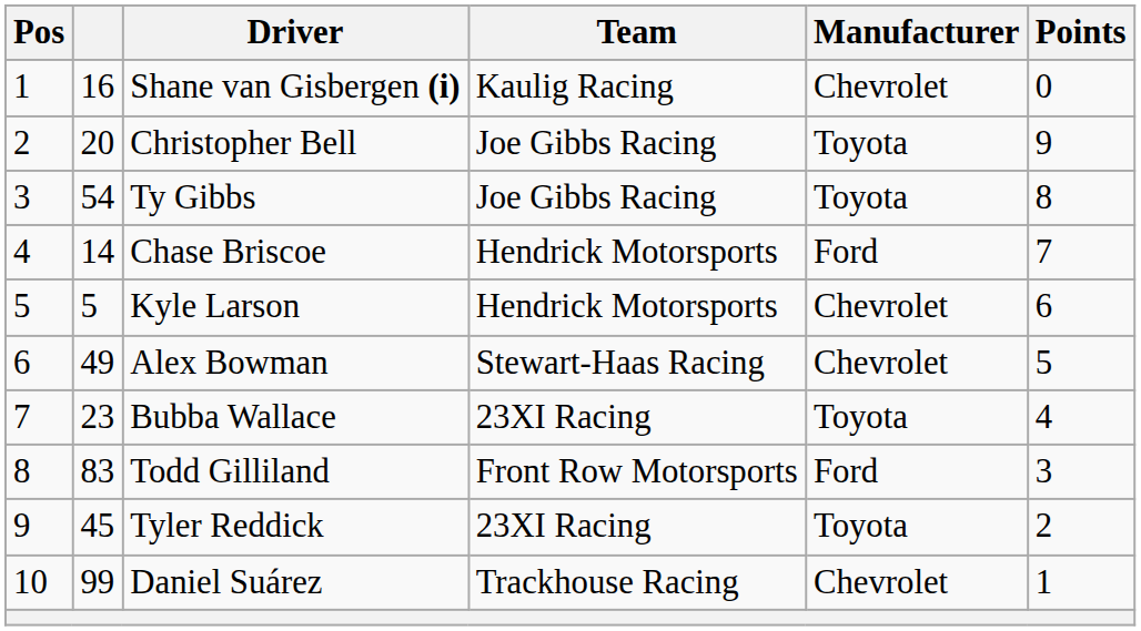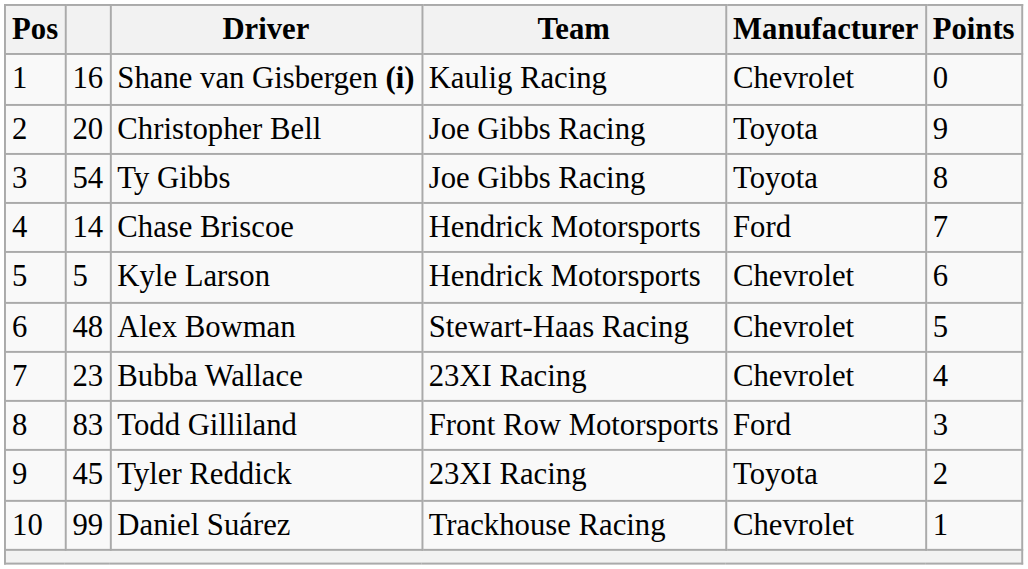 <table class="wikitable" style="font-size:98%">
 <tr>
 <th>Pos</th>
 <th></th>
 <th>Driver</th>
 <th>Team</th>
 <th>Manufacturer</th>
 <th>Points</th>
 </tr>
 <tr>
 <td>1</td>
 <td>16</td>
 <td>Shane van Gisbergen <strong>(i)</strong></td>
 <td>Kaulig Racing</td>
 <td>Chevrolet</td>
 <td>0</td>
 </tr>
 <tr>
 <td>2</td>
 <td>20</td>
 <td>Christopher Bell</td>
 <td>Joe Gibbs Racing</td>
 <td>Toyota</td>
 <td>9</td>
 </tr>
 <tr>
 <td>3</td>
 <td>54</td>
 <td>Ty Gibbs</td>
 <td>Joe Gibbs Racing</td>
 <td>Toyota</td>
 <td>8</td>
 </tr>
 <tr>
 <td>4</td>
 <td>14</td>
 <td>Chase Briscoe</td>
 <td>Hendrick Motorsports</td>
 <td>Ford</td>
 <td>7</td>
 </tr>
 <tr>
 <td>5</td>
 <td>5</td>
 <td>Kyle Larson</td>
 <td>Hendrick Motorsports</td>
 <td>Chevrolet</td>
 <td>6</td>
 </tr>
 <tr>
 <td>6</td>
-<td>49</td>
+<td>48</td>
 <td>Alex Bowman</td>
 <td>Stewart-Haas Racing</td>
 <td>Chevrolet</td>
 <td>5</td>
 </tr>
 <tr>
 <td>7</td>
 <td>23</td>
 <td>Bubba Wallace</td>
 <td>23XI Racing</td>
-<td>Toyota</td>
+<td>Chevrolet</td>
 <td>4</td>
 </tr>
 <tr>
 <td>8</td>
 <td>83</td>
 <td>Todd Gilliland</td>
 <td>Front Row Motorsports</td>
 <td>Ford</td>
 <td>3</td>
 </tr>
 <tr>
 <td>9</td>
 <td>45</td>
 <td>Tyler Reddick</td>
 <td>23XI Racing</td>
 <td>Toyota</td>
 <td>2</td>
 </tr>
 <tr>
 <td>10</td>
 <td>99</td>
 <td>Daniel Suárez</td>
 <td>Trackhouse Racing</td>
 <td>Chevrolet</td>
 <td>1</td>
 </tr>
 <tr>
 <th colspan="6"></th>
 </tr>
 </table>
